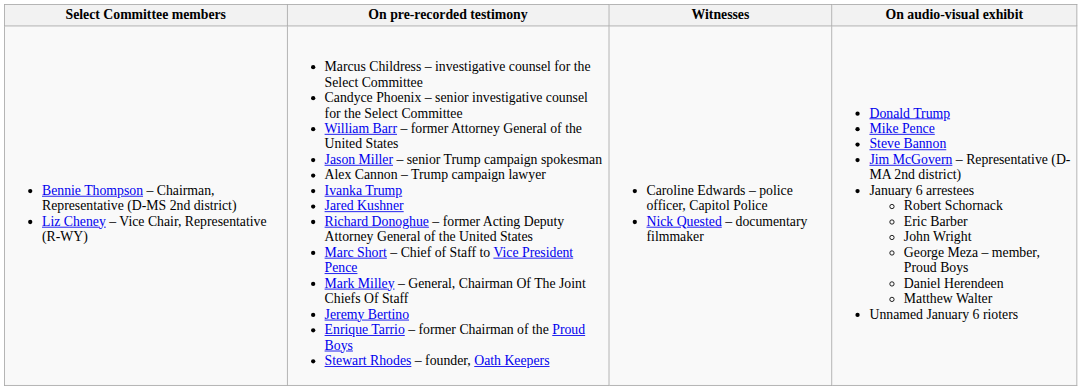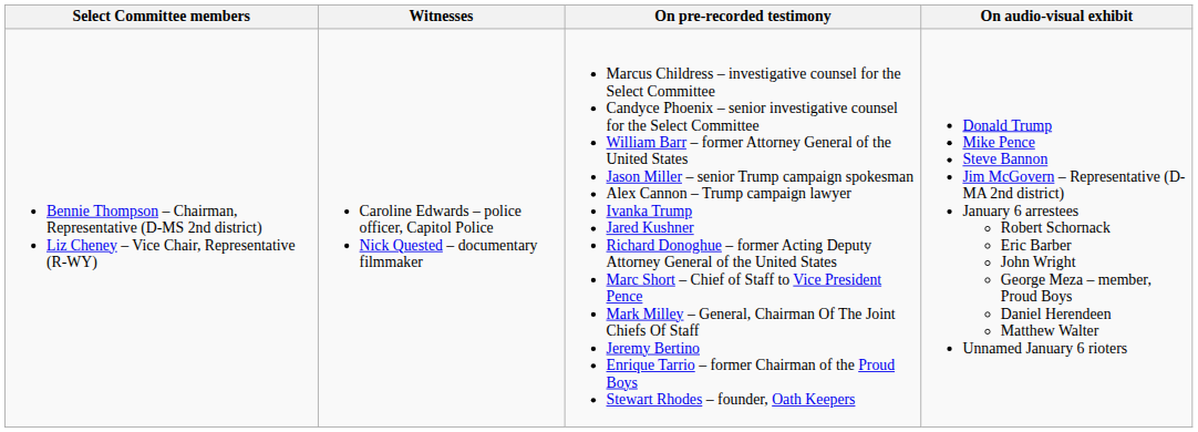 <table class="vertical-align-top wikitable mw-collapsible mw-collapsed">
 <tr>
 <th>Select Committee members</th>
+<th>Witnesses</th>
 <th>On pre-recorded testimony</th>
-<th>Witnesses</th>
 <th>On audio-visual exhibit</th>
 </tr>
 <tr>
 <td><br><ul><li><a href='#'>Bennie Thompson</a> – Chairman, Representative (D-MS 2nd district)</li><li><a href='#'>Liz Cheney</a> – Vice Chair, Representative (R-WY)</li></ul></td>
+<td><br><ul><li>Caroline Edwards – police officer, Capitol Police</li><li><a href='#'>Nick Quested</a> – documentary filmmaker</li></ul></td>
 <td><br><ul><li>Marcus Childress – investigative counsel for the Select Committee</li><li>Candyce Phoenix – senior investigative counsel for the Select Committee</li><li><a href='#'>William Barr</a> – former Attorney General of the United States</li><li><a href='#'>Jason Miller</a> – senior Trump campaign spokesman</li><li>Alex Cannon – Trump campaign lawyer</li><li><a href='#'>Ivanka Trump</a></li><li><a href='#'>Jared Kushner</a></li><li><a href='#'>Richard Donoghue</a> – former Acting Deputy Attorney General of the United States</li><li><a href='#'>Marc Short</a> – Chief of Staff to <a href='#'>Vice President Pence</a></li><li><a href='#'>Mark Milley</a> – General, Chairman Of The Joint Chiefs Of Staff</li><li><a href='#'>Jeremy Bertino</a></li><li><a href='#'>Enrique Tarrio</a> – former Chairman of the <a href='#'>Proud Boys</a></li><li><a href='#'>Stewart Rhodes</a> – founder, <a href='#'>Oath Keepers</a></li></ul></td>
-<td><br><ul><li>Caroline Edwards – police officer, Capitol Police</li><li><a href='#'>Nick Quested</a> – documentary filmmaker</li></ul></td>
 <td><br><ul><li><a href='#'>Donald Trump</a></li><li><a href='#'>Mike Pence</a></li><li><a href='#'>Steve Bannon</a></li><li><a href='#'>Jim McGovern</a> – Representative (D-MA 2nd district)</li><li>January 6 arrestees<ul><li>Robert Schornack</li><li>Eric Barber</li><li>John Wright</li><li>George Meza – member, Proud Boys</li><li>Daniel Herendeen</li><li>Matthew Walter</li></ul></li><li>Unnamed January 6 rioters</li></ul></td>
 </tr>
 </table>
